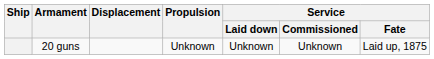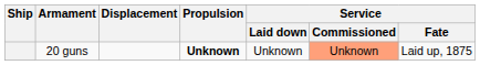 <table class="wikitable plainrowheaders" style="text-align: center;">
 <tr valign="top">
 <th scope="col" rowspan="2">Ship</th>
 <th scope="col" rowspan="2">Armament</th>
 <th scope="col" rowspan="2">Displacement</th>
 <th scope="col" rowspan="2">Propulsion</th>
 <th scope="col" colspan="3">Service</th>
 </tr>
 <tr valign="top">
 <th scope="col">Laid down</th>
 <th scope="col">Commissioned</th>
 <th scope="col">Fate</th>
 </tr>
 <tr valign="center">
 <th scope="row"></th>
 <td>20 guns</td>
 <td></td>
+<td><strong>Unknown</strong></td>
 <td>Unknown</td>
-<td>Unknown</td>
-<td>Unknown</td>
+<td style="background: lightsalmon;">Unknown</td>
 <td>Laid up, 1875</td>
 </tr>
 </table>
